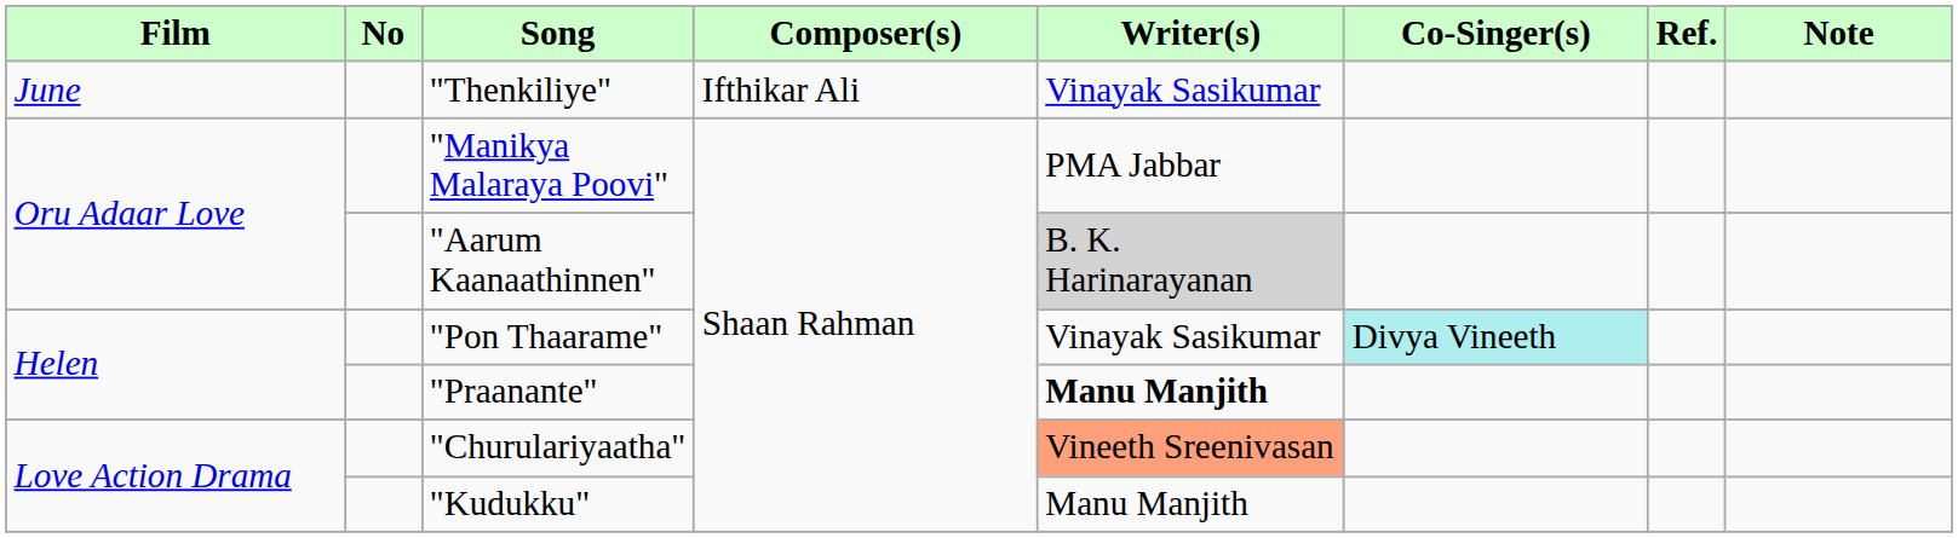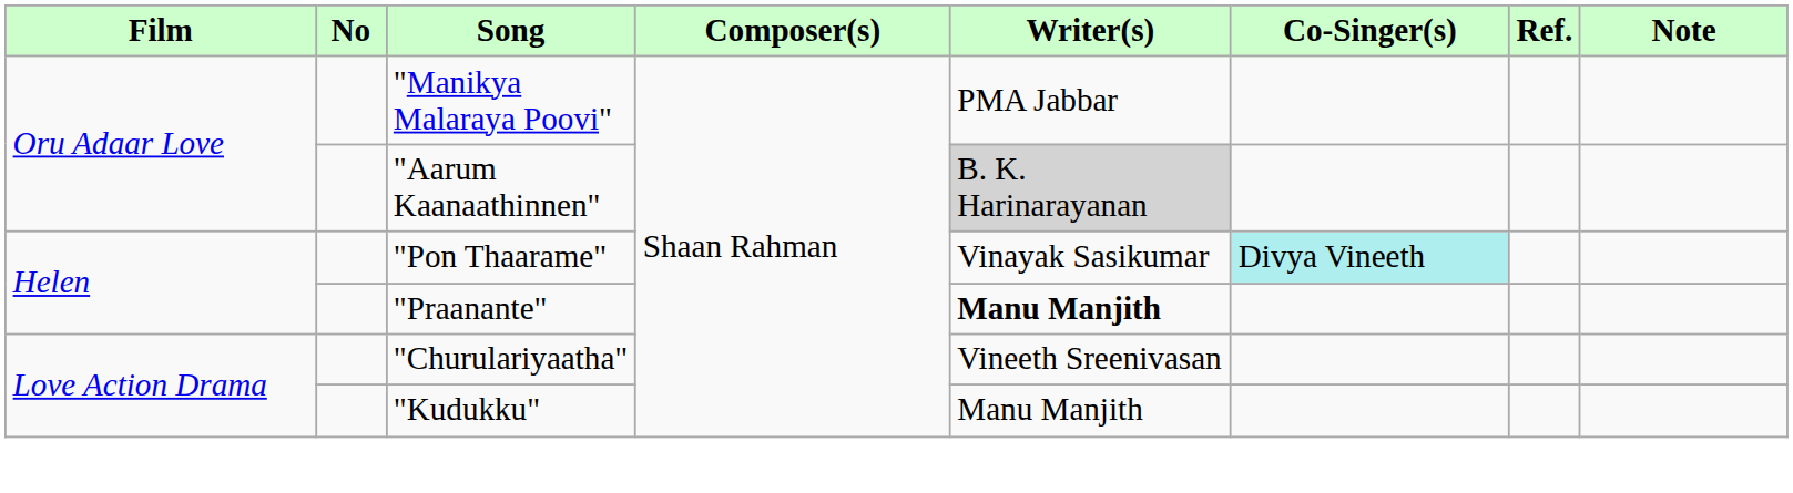 <table class="wikitable plainrowheaders" style="width:100%;" textcolor:#000;" style="align:center;">
 <tr style="background:#cfc; text-align:center;">
 <td scope="col" style="width:18%;"><strong>Film</strong></td>
 <td scope="col" style="width:4%;"><strong>No</strong></td>
 <td scope="col" style="width:14%;"><strong>Song</strong></td>
 <td scope="col" style="width:18%;"><strong>Composer(s)</strong></td>
 <td scope="col" style="width:16%;"><strong>Writer(s)</strong></td>
 <td scope="col" style="width:16%;"><strong>Co-Singer(s)</strong></td>
 <td scope="col" style="width:2%;"><strong>Ref.</strong></td>
 <td scope="col" style="width:12%;"><strong>Note</strong></td>
-</tr>
-<tr>
-<td><em><a href='#'>June</a></em></td>
-<td></td>
-<td>"Thenkiliye"</td>
-<td>Ifthikar Ali</td>
-<td><a href='#'>Vinayak Sasikumar</a></td>
-<td></td>
-<td></td>
-<td></td>
 </tr>
 <tr>
 <td rowspan=2><em><a href='#'>Oru Adaar Love</a></em></td>
 <td></td>
 <td>"<a href='#'>Manikya Malaraya Poovi</a>"</td>
 <td rowspan=6>Shaan Rahman</td>
 <td>PMA Jabbar</td>
 <td></td>
 <td></td>
 <td></td>
 </tr>
 <tr>
 <td></td>
 <td>"Aarum Kaanaathinnen"</td>
 <td style="background: lightgrey;">B. K. Harinarayanan</td>
 <td></td>
 <td></td>
 <td></td>
 </tr>
 <tr>
 <td rowspan="2"><em><a href='#'>Helen</a></em></td>
 <td></td>
 <td>"Pon Thaarame"</td>
 <td>Vinayak Sasikumar</td>
 <td style="background: paleturquoise;">Divya Vineeth</td>
 <td></td>
 <td></td>
 </tr>
 <tr>
 <td></td>
 <td>"Praanante"</td>
 <td><strong>Manu Manjith</strong></td>
 <td></td>
 <td></td>
 <td></td>
 </tr>
 <tr>
 <td rowspan="2"><em><a href='#'>Love Action Drama</a></em></td>
 <td></td>
 <td>"Churulariyaatha"</td>
-<td style="background: lightsalmon;">Vineeth Sreenivasan</td>
+<td>Vineeth Sreenivasan</td>
 <td></td>
 <td></td>
 <td></td>
 </tr>
 <tr>
 <td></td>
 <td>"Kudukku"</td>
 <td>Manu Manjith</td>
 <td></td>
 <td></td>
 <td></td>
 </tr>
 </table>
